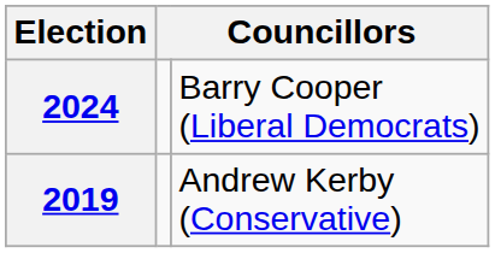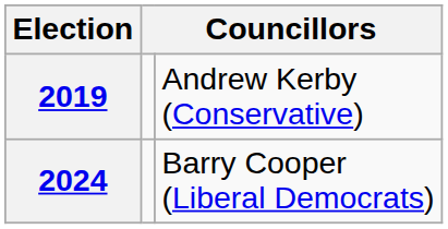 <table class="wikitable">
 <tr>
 <th>Election</th>
 <th colspan="2">Councillors</th>
 </tr>
 <tr>
+<th><a href='#'>2019</a></th>
+<td style="background-color: "></td>
+<td>Andrew Kerby<br>(<a href='#'>Conservative</a>)</td>
+</tr>
+<tr>
 <th><a href='#'>2024</a></th>
 <td style="background-color: "></td>
 <td>Barry Cooper<br>(<a href='#'>Liberal Democrats</a>)</td>
 </tr>
-<tr>
-<th><a href='#'>2019</a></th>
-<td style="background-color: "></td>
-<td>Andrew Kerby<br>(<a href='#'>Conservative</a>)</td>
-</tr>
 </table>
